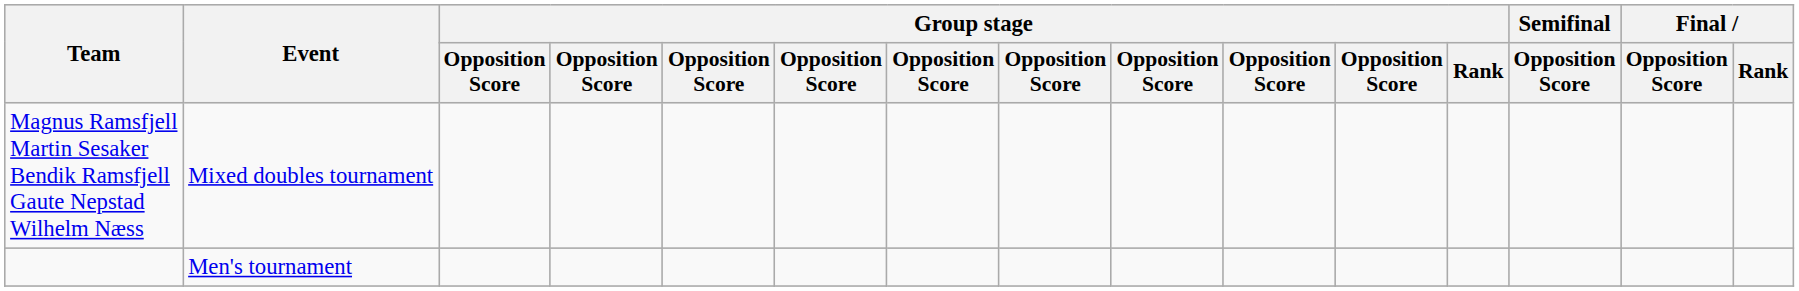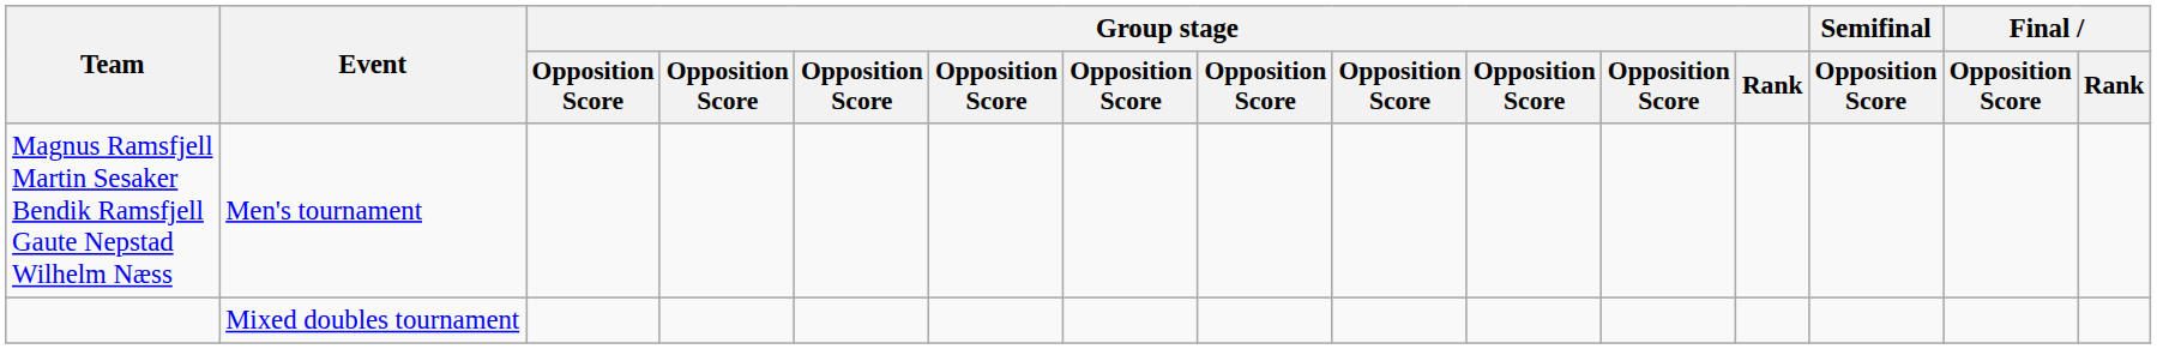 <table class=wikitable style=font-size:90%;text-align:center>
 <tr>
 <th rowspan=2>Team</th>
 <th rowspan=2>Event</th>
 <th colspan=10>Group stage</th>
 <th>Semifinal</th>
 <th colspan=2>Final / </th>
 </tr>
 <tr style="font-size:95%">
 <th>Opposition<br>Score</th>
 <th>Opposition<br>Score</th>
 <th>Opposition<br>Score</th>
 <th>Opposition<br>Score</th>
 <th>Opposition<br>Score</th>
 <th>Opposition<br>Score</th>
 <th>Opposition<br>Score</th>
 <th>Opposition<br>Score</th>
 <th>Opposition<br>Score</th>
 <th>Rank</th>
 <th>Opposition<br>Score</th>
 <th>Opposition<br>Score</th>
 <th>Rank</th>
 </tr>
 <tr>
 <td align=left><a href='#'>Magnus Ramsfjell</a><br><a href='#'>Martin Sesaker</a><br><a href='#'>Bendik Ramsfjell</a><br><a href='#'>Gaute Nepstad</a><br><a href='#'>Wilhelm Næss</a></td>
-<td align=left><a href='#'>Mixed doubles tournament</a></td>
+<td align=left><a href='#'>Men's tournament</a></td>
 <td></td>
 <td></td>
 <td></td>
 <td></td>
 <td></td>
 <td></td>
 <td></td>
 <td></td>
 <td></td>
 <td></td>
 <td></td>
 <td></td>
 <td></td>
 </tr>
 <tr>
 <td align=left></td>
-<td align=left><a href='#'>Men's tournament</a></td>
+<td align=left><a href='#'>Mixed doubles tournament</a></td>
 <td></td>
 <td></td>
 <td></td>
 <td></td>
 <td></td>
 <td></td>
 <td></td>
 <td></td>
 <td></td>
 <td></td>
 <td></td>
 <td></td>
 <td></td>
 </tr>
 </table>
